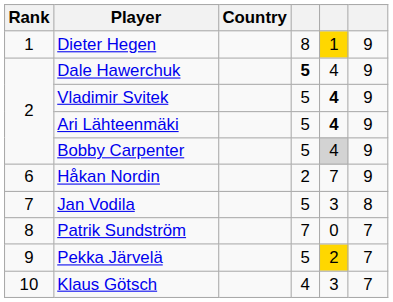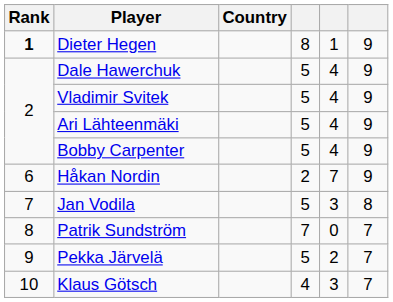 <table class="wikitable sortable" style="text-align: center;">
 <tr>
 <th width=30>Rank</th>
 <th width=150>Player</th>
 <th>Country</th>
 <th width=20></th>
 <th width=20></th>
 <th width=30></th>
 </tr>
 <tr>
-<td>1</td>
+<td><strong>1</strong></td>
 <td align=left><a href='#'>Dieter Hegen</a></td>
 <td align=left></td>
 <td>8</td>
-<td style="background: gold;">1</td>
+<td>1</td>
 <td>9</td>
 </tr>
 <tr>
 <td rowspan=4>2</td>
 <td align=left><a href='#'>Dale Hawerchuk</a></td>
 <td align=left></td>
-<td><strong>5</strong></td>
+<td>5</td>
 <td>4</td>
 <td>9</td>
 </tr>
 <tr>
 <td align=left><a href='#'>Vladimir Svitek</a></td>
 <td align=left></td>
 <td>5</td>
-<td><strong>4</strong></td>
+<td>4</td>
 <td>9</td>
 </tr>
 <tr>
 <td align=left><a href='#'>Ari Lähteenmäki</a></td>
 <td align=left></td>
 <td>5</td>
-<td><strong>4</strong></td>
+<td>4</td>
 <td>9</td>
 </tr>
 <tr>
 <td align=left><a href='#'>Bobby Carpenter</a></td>
 <td align=left></td>
 <td>5</td>
-<td style="background: lightgrey;">4</td>
+<td>4</td>
 <td>9</td>
 </tr>
 <tr>
 <td>6</td>
 <td align=left><a href='#'>Håkan Nordin</a></td>
 <td align=left></td>
 <td>2</td>
 <td>7</td>
 <td>9</td>
 </tr>
 <tr>
 <td>7</td>
 <td align=left><a href='#'>Jan Vodila</a></td>
 <td align=left></td>
 <td>5</td>
 <td>3</td>
 <td>8</td>
 </tr>
 <tr>
 <td>8</td>
 <td align=left><a href='#'>Patrik Sundström</a></td>
 <td align=left></td>
 <td>7</td>
 <td>0</td>
 <td>7</td>
 </tr>
 <tr>
 <td>9</td>
 <td align=left><a href='#'>Pekka Järvelä</a></td>
 <td align=left></td>
 <td>5</td>
-<td style="background: gold;">2</td>
+<td>2</td>
 <td>7</td>
 </tr>
 <tr>
 <td>10</td>
 <td align=left><a href='#'>Klaus Götsch</a></td>
 <td align=left></td>
 <td>4</td>
 <td>3</td>
 <td>7</td>
 </tr>
 </table>
